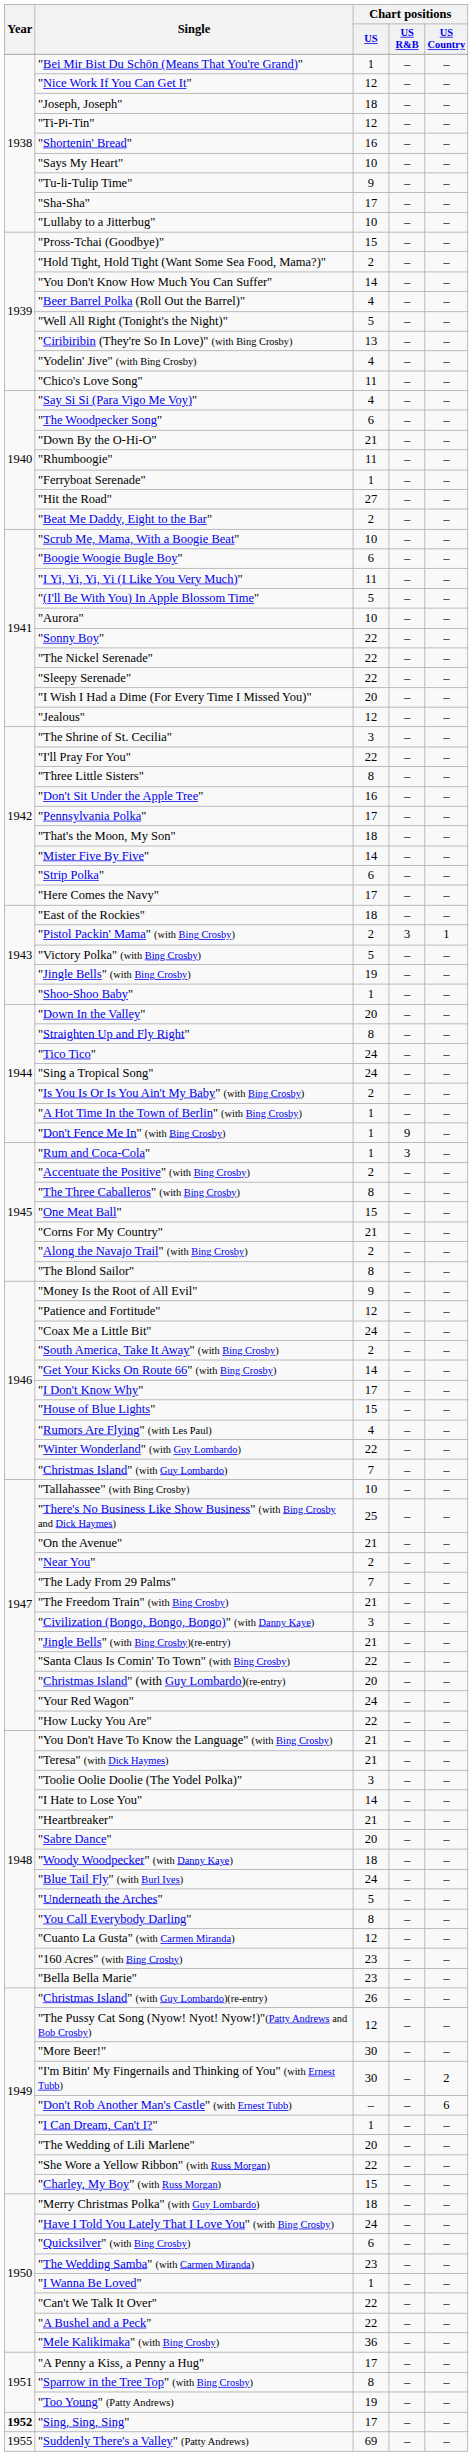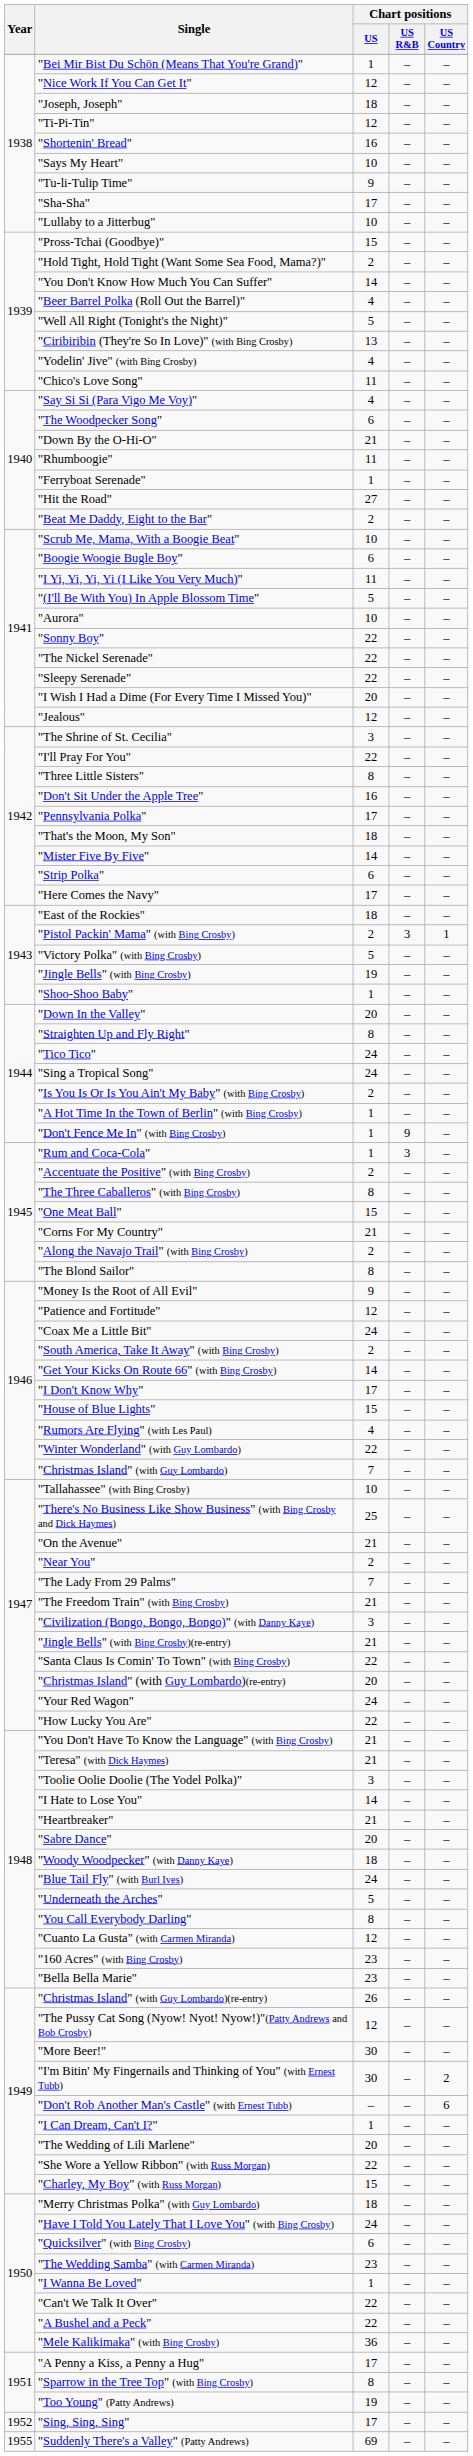 <table class="wikitable" style="text-align:center;">
 <tr>
 <th rowspan="2">Year</th>
 <th style="width:400px;" rowspan="2">Single</th>
 <th colspan="3">Chart positions</th>
 </tr>
 <tr style="font-size:smaller;">
 <th style="width:40px;"><a href='#'>US</a></th>
 <th style="width:40px;"><a href='#'>US<br>R&B</a></th>
 <th style="width:40px;"><a href='#'>US Country</a></th>
 </tr>
 <tr>
 </tr>
 <tr>
 <td rowspan="9">1938</td>
 <td style="text-align:left;">"<a href='#'>Bei Mir Bist Du Schön (Means That You're Grand)</a>"</td>
 <td>1</td>
 <td>–</td>
 <td>–</td>
 </tr>
 <tr>
 <td style="text-align:left;">"<a href='#'>Nice Work If You Can Get It</a>"</td>
 <td>12</td>
 <td>–</td>
 <td>–</td>
 </tr>
 <tr>
 <td style="text-align:left;">"Joseph, Joseph"</td>
 <td>18</td>
 <td>–</td>
 <td>–</td>
 </tr>
 <tr>
 <td style="text-align:left;">"Ti-Pi-Tin"</td>
 <td>12</td>
 <td>–</td>
 <td>–</td>
 </tr>
 <tr>
 <td style="text-align:left;">"<a href='#'>Shortenin' Bread</a>"</td>
 <td>16</td>
 <td>–</td>
 <td>–</td>
 </tr>
 <tr>
 <td style="text-align:left;">"Says My Heart"</td>
 <td>10</td>
 <td>–</td>
 <td>–</td>
 </tr>
 <tr>
 <td style="text-align:left;">"Tu-li-Tulip Time"</td>
 <td>9</td>
 <td>–</td>
 <td>–</td>
 </tr>
 <tr>
 <td style="text-align:left;">"Sha-Sha"</td>
 <td>17</td>
 <td>–</td>
 <td>–</td>
 </tr>
 <tr>
 <td style="text-align:left;">"Lullaby to a Jitterbug"</td>
 <td>10</td>
 <td>–</td>
 <td>–</td>
 </tr>
 <tr>
 <td rowspan="8">1939</td>
 <td style="text-align:left;">"Pross-Tchai (Goodbye)"</td>
 <td>15</td>
 <td>–</td>
 <td>–</td>
 </tr>
 <tr>
 <td style="text-align:left;">"Hold Tight, Hold Tight (Want Some Sea Food, Mama?)"</td>
 <td>2</td>
 <td>–</td>
 <td>–</td>
 </tr>
 <tr>
 <td style="text-align:left;">"You Don't Know How Much You Can Suffer"</td>
 <td>14</td>
 <td>–</td>
 <td>–</td>
 </tr>
 <tr>
 <td style="text-align:left;">"<a href='#'>Beer Barrel Polka</a> (Roll Out the Barrel)"</td>
 <td>4</td>
 <td>–</td>
 <td>–</td>
 </tr>
 <tr>
 <td style="text-align:left;">"Well All Right (Tonight's the Night)"</td>
 <td>5</td>
 <td>–</td>
 <td>–</td>
 </tr>
 <tr>
 <td style="text-align:left;">"<a href='#'>Ciribiribin</a> (They're So In Love)" <small>(with Bing Crosby)</small></td>
 <td>13</td>
 <td>–</td>
 <td>–</td>
 </tr>
 <tr>
 <td style="text-align:left;">"Yodelin' Jive" <small>(with Bing Crosby)</small></td>
 <td>4</td>
 <td>–</td>
 <td>–</td>
 </tr>
 <tr>
 <td style="text-align:left;">"Chico's Love Song"</td>
 <td>11</td>
 <td>–</td>
 <td>–</td>
 </tr>
 <tr>
 <td rowspan="7">1940</td>
 <td style="text-align:left;">"<a href='#'>Say Si Si (Para Vigo Me Voy)</a>"</td>
 <td>4</td>
 <td>–</td>
 <td>–</td>
 </tr>
 <tr>
 <td style="text-align:left;">"<a href='#'>The Woodpecker Song</a>"</td>
 <td>6</td>
 <td>–</td>
 <td>–</td>
 </tr>
 <tr>
 <td style="text-align:left;">"Down By the O-Hi-O"</td>
 <td>21</td>
 <td>–</td>
 <td>–</td>
 </tr>
 <tr>
 <td style="text-align:left;">"Rhumboogie"</td>
 <td>11</td>
 <td>–</td>
 <td>–</td>
 </tr>
 <tr>
 <td style="text-align:left;">"Ferryboat Serenade"</td>
 <td>1</td>
 <td>–</td>
 <td>–</td>
 </tr>
 <tr>
 <td style="text-align:left;">"Hit the Road"</td>
 <td>27</td>
 <td>–</td>
 <td>–</td>
 </tr>
 <tr>
 <td style="text-align:left;">"<a href='#'>Beat Me Daddy, Eight to the Bar</a>"</td>
 <td>2</td>
 <td>–</td>
 <td>–</td>
 </tr>
 <tr>
 <td rowspan="10">1941</td>
 <td style="text-align:left;">"<a href='#'>Scrub Me, Mama, With a Boogie Beat</a>"</td>
 <td>10</td>
 <td>–</td>
 <td>–</td>
 </tr>
 <tr>
 <td style="text-align:left;">"<a href='#'>Boogie Woogie Bugle Boy</a>"</td>
 <td>6</td>
 <td>–</td>
 <td>–</td>
 </tr>
 <tr>
 <td style="text-align:left;">"<a href='#'>I Yi, Yi, Yi, Yi (I Like You Very Much)</a>"</td>
 <td>11</td>
 <td>–</td>
 <td>–</td>
 </tr>
 <tr>
 <td style="text-align:left;">"<a href='#'>(I'll Be With You) In Apple Blossom Time</a>"</td>
 <td>5</td>
 <td>–</td>
 <td>–</td>
 </tr>
 <tr>
 <td style="text-align:left;">"Aurora"</td>
 <td>10</td>
 <td>–</td>
 <td>–</td>
 </tr>
 <tr>
 <td style="text-align:left;">"<a href='#'>Sonny Boy</a>"</td>
 <td>22</td>
 <td>–</td>
 <td>–</td>
 </tr>
 <tr>
 <td style="text-align:left;">"The Nickel Serenade"</td>
 <td>22</td>
 <td>–</td>
 <td>–</td>
 </tr>
 <tr>
 <td style="text-align:left;">"Sleepy Serenade"</td>
 <td>22</td>
 <td>–</td>
 <td>–</td>
 </tr>
 <tr>
 <td style="text-align:left;">"I Wish I Had a Dime (For Every Time I Missed You)"</td>
 <td>20</td>
 <td>–</td>
 <td>–</td>
 </tr>
 <tr>
 <td style="text-align:left;">"Jealous"</td>
 <td>12</td>
 <td>–</td>
 <td>–</td>
 </tr>
 <tr>
 <td rowspan="9">1942</td>
 <td style="text-align:left;">"The Shrine of St. Cecilia"</td>
 <td>3</td>
 <td>–</td>
 <td>–</td>
 </tr>
 <tr>
 <td style="text-align:left;">"I'll Pray For You"</td>
 <td>22</td>
 <td>–</td>
 <td>–</td>
 </tr>
 <tr>
 <td style="text-align:left;">"Three Little Sisters"</td>
 <td>8</td>
 <td>–</td>
 <td>–</td>
 </tr>
 <tr>
 <td style="text-align:left;">"<a href='#'>Don't Sit Under the Apple Tree</a>"</td>
 <td>16</td>
 <td>–</td>
 <td>–</td>
 </tr>
 <tr>
 <td style="text-align:left;">"<a href='#'>Pennsylvania Polka</a>"</td>
 <td>17</td>
 <td>–</td>
 <td>–</td>
 </tr>
 <tr>
 <td style="text-align:left;">"That's the Moon, My Son"</td>
 <td>18</td>
 <td>–</td>
 <td>–</td>
 </tr>
 <tr>
 <td style="text-align:left;">"<a href='#'>Mister Five By Five</a>"</td>
 <td>14</td>
 <td>–</td>
 <td>–</td>
 </tr>
 <tr>
 <td style="text-align:left;">"<a href='#'>Strip Polka</a>"</td>
 <td>6</td>
 <td>–</td>
 <td>–</td>
 </tr>
 <tr>
 <td style="text-align:left;">"Here Comes the Navy"</td>
 <td>17</td>
 <td>–</td>
 <td>–</td>
 </tr>
 <tr>
 <td rowspan="5">1943</td>
 <td style="text-align:left;">"East of the Rockies"</td>
 <td>18</td>
 <td>–</td>
 <td>–</td>
 </tr>
 <tr>
 <td style="text-align:left;">"<a href='#'>Pistol Packin' Mama</a>" <small>(with <a href='#'>Bing Crosby</a>)</small></td>
 <td>2</td>
 <td>3</td>
 <td>1</td>
 </tr>
 <tr>
 <td style="text-align:left;">"Victory Polka" <small>(with <a href='#'>Bing Crosby</a>)</small></td>
 <td>5</td>
 <td>–</td>
 <td>–</td>
 </tr>
 <tr>
 <td style="text-align:left;">"<a href='#'>Jingle Bells</a>" <small>(with <a href='#'>Bing Crosby</a>)</small></td>
 <td>19</td>
 <td>–</td>
 <td>–</td>
 </tr>
 <tr>
 <td style="text-align:left;">"<a href='#'>Shoo-Shoo Baby</a>"</td>
 <td>1</td>
 <td>–</td>
 <td>–</td>
 </tr>
 <tr>
 <td rowspan="7">1944</td>
 <td style="text-align:left;">"<a href='#'>Down In the Valley</a>"</td>
 <td>20</td>
 <td>–</td>
 <td>–</td>
 </tr>
 <tr>
 <td style="text-align:left;">"<a href='#'>Straighten Up and Fly Right</a>"</td>
 <td>8</td>
 <td>–</td>
 <td>–</td>
 </tr>
 <tr>
 <td style="text-align:left;">"<a href='#'>Tico Tico</a>"</td>
 <td>24</td>
 <td>–</td>
 <td>–</td>
 </tr>
 <tr>
 <td style="text-align:left;">"Sing a Tropical Song"</td>
 <td>24</td>
 <td>–</td>
 <td>–</td>
 </tr>
 <tr>
 <td style="text-align:left;">"<a href='#'>Is You Is Or Is You Ain't My Baby</a>" <small>(with <a href='#'>Bing Crosby</a>)</small></td>
 <td>2</td>
 <td>–</td>
 <td>–</td>
 </tr>
 <tr>
 <td style="text-align:left;">"<a href='#'>A Hot Time In the Town of Berlin</a>" <small>(with <a href='#'>Bing Crosby</a>)</small></td>
 <td>1</td>
 <td>–</td>
 <td>–</td>
 </tr>
 <tr>
 <td style="text-align:left;">"<a href='#'>Don't Fence Me In</a>" <small>(with <a href='#'>Bing Crosby</a>)</small></td>
 <td>1</td>
 <td>9</td>
 <td>–</td>
 </tr>
 <tr>
 <td rowspan="7">1945</td>
 <td style="text-align:left;">"<a href='#'>Rum and Coca-Cola</a>"</td>
 <td>1</td>
 <td>3</td>
 <td>–</td>
 </tr>
 <tr>
 <td style="text-align:left;">"<a href='#'>Accentuate the Positive</a>" <small>(with <a href='#'>Bing Crosby</a>)</small></td>
 <td>2</td>
 <td>–</td>
 <td>–</td>
 </tr>
 <tr>
 <td style="text-align:left;">"<a href='#'>The Three Caballeros</a>" <small>(with <a href='#'>Bing Crosby</a>)</small></td>
 <td>8</td>
 <td>–</td>
 <td>–</td>
 </tr>
 <tr>
 <td style="text-align:left;">"<a href='#'>One Meat Ball</a>"</td>
 <td>15</td>
 <td>–</td>
 <td>–</td>
 </tr>
 <tr>
 <td style="text-align:left;">"Corns For My Country"</td>
 <td>21</td>
 <td>–</td>
 <td>–</td>
 </tr>
 <tr>
 <td style="text-align:left;">"<a href='#'>Along the Navajo Trail</a>" <small>(with <a href='#'>Bing Crosby</a>)</small></td>
 <td>2</td>
 <td>–</td>
 <td>–</td>
 </tr>
 <tr>
 <td style="text-align:left;">"The Blond Sailor"</td>
 <td>8</td>
 <td>–</td>
 <td>–</td>
 </tr>
 <tr>
 <td rowspan="10">1946</td>
 <td style="text-align:left;">"Money Is the Root of All Evil"</td>
 <td>9</td>
 <td>–</td>
 <td>–</td>
 </tr>
 <tr>
 <td style="text-align:left;">"Patience and Fortitude"</td>
 <td>12</td>
 <td>–</td>
 <td>–</td>
 </tr>
 <tr>
 <td style="text-align:left;">"Coax Me a Little Bit"</td>
 <td>24</td>
 <td>–</td>
 <td>–</td>
 </tr>
 <tr>
 <td style="text-align:left;">"<a href='#'>South America, Take It Away</a>" <small>(with <a href='#'>Bing Crosby</a>)</small></td>
 <td>2</td>
 <td>–</td>
 <td>–</td>
 </tr>
 <tr>
 <td style="text-align:left;">"<a href='#'>Get Your Kicks On Route 66</a>" <small>(with <a href='#'>Bing Crosby</a>)</small></td>
 <td>14</td>
 <td>–</td>
 <td>–</td>
 </tr>
 <tr>
 <td style="text-align:left;">"<a href='#'>I Don't Know Why</a>"</td>
 <td>17</td>
 <td>–</td>
 <td>–</td>
 </tr>
 <tr>
 <td style="text-align:left;">"<a href='#'>House of Blue Lights</a>"</td>
 <td>15</td>
 <td>–</td>
 <td>–</td>
 </tr>
 <tr>
 <td style="text-align:left;">"<a href='#'>Rumors Are Flying</a>" <small>(with Les Paul)</small></td>
 <td>4</td>
 <td>–</td>
 <td>–</td>
 </tr>
 <tr>
 <td style="text-align:left;">"<a href='#'>Winter Wonderland</a>" <small>(with <a href='#'>Guy Lombardo</a>)</small></td>
 <td>22</td>
 <td>–</td>
 <td>–</td>
 </tr>
 <tr>
 <td style="text-align:left;">"<a href='#'>Christmas Island</a>" <small>(with <a href='#'>Guy Lombardo</a>)</small></td>
 <td>7</td>
 <td>–</td>
 <td>–</td>
 </tr>
 <tr>
 <td rowspan="12">1947</td>
 <td style="text-align:left;">"Tallahassee" <small>(with Bing Crosby)</small></td>
 <td>10</td>
 <td>–</td>
 <td>–</td>
 </tr>
 <tr>
 <td style="text-align:left;">"<a href='#'>There's No Business Like Show Business</a>" <small>(with <a href='#'>Bing Crosby</a> and <a href='#'>Dick Haymes</a>)</small></td>
 <td>25</td>
 <td>–</td>
 <td>–</td>
 </tr>
 <tr>
 <td style="text-align:left;">"On the Avenue"</td>
 <td>21</td>
 <td>–</td>
 <td>–</td>
 </tr>
 <tr>
 <td style="text-align:left;">"<a href='#'>Near You</a>"</td>
 <td>2</td>
 <td>–</td>
 <td>–</td>
 </tr>
 <tr>
 <td style="text-align:left;">"The Lady From 29 Palms"</td>
 <td>7</td>
 <td>–</td>
 <td>–</td>
 </tr>
 <tr>
 <td style="text-align:left;">"The Freedom Train" <small>(with <a href='#'>Bing Crosby</a>)</small></td>
 <td>21</td>
 <td>–</td>
 <td>–</td>
 </tr>
 <tr>
 <td style="text-align:left;">"<a href='#'>Civilization (Bongo, Bongo, Bongo)</a>" <small>(with <a href='#'>Danny Kaye</a>)</small></td>
 <td>3</td>
 <td>–</td>
 <td>–</td>
 </tr>
 <tr>
 <td style="text-align:left;">"<a href='#'>Jingle Bells</a>" <small>(with <a href='#'>Bing Crosby</a>)</small><small>(re-entry)</small></td>
 <td>21</td>
 <td>–</td>
 <td>–</td>
 </tr>
 <tr>
 <td style="text-align:left;">"Santa Claus Is Comin' To Town" <small>(with <a href='#'>Bing Crosby</a>)</small></td>
 <td>22</td>
 <td>–</td>
 <td>–</td>
 </tr>
 <tr>
 <td style="text-align:left;">"<a href='#'>Christmas Island</a>" (with <a href='#'>Guy Lombardo</a>)<small>(re-entry)</small></td>
 <td>20</td>
 <td>–</td>
 <td>–</td>
 </tr>
 <tr>
 <td style="text-align:left;">"Your Red Wagon"</td>
 <td>24</td>
 <td>–</td>
 <td>–</td>
 </tr>
 <tr>
 <td style="text-align:left;">"How Lucky You Are"</td>
 <td>22</td>
 <td>–</td>
 <td>–</td>
 </tr>
 <tr>
 <td rowspan="13">1948</td>
 <td style="text-align:left;">"You Don't Have To Know the Language" <small>(with <a href='#'>Bing Crosby</a>)</small></td>
 <td>21</td>
 <td>–</td>
 <td>–</td>
 </tr>
 <tr>
 <td style="text-align:left;">"Teresa" <small>(with <a href='#'>Dick Haymes</a>)</small></td>
 <td>21</td>
 <td>–</td>
 <td>–</td>
 </tr>
 <tr>
 <td style="text-align:left;">"Toolie Oolie Doolie (The Yodel Polka)"</td>
 <td>3</td>
 <td>–</td>
 <td>–</td>
 </tr>
 <tr>
 <td style="text-align:left;">"I Hate to Lose You"</td>
 <td>14</td>
 <td>–</td>
 <td>–</td>
 </tr>
 <tr>
 <td style="text-align:left;">"Heartbreaker"</td>
 <td>21</td>
 <td>–</td>
 <td>–</td>
 </tr>
 <tr>
 <td style="text-align:left;">"<a href='#'>Sabre Dance</a>"</td>
 <td>20</td>
 <td>–</td>
 <td>–</td>
 </tr>
 <tr>
 <td style="text-align:left;">"<a href='#'>Woody Woodpecker</a>" <small>(with <a href='#'>Danny Kaye</a>)</small></td>
 <td>18</td>
 <td>–</td>
 <td>–</td>
 </tr>
 <tr>
 <td style="text-align:left;">"<a href='#'>Blue Tail Fly</a>" <small>(with <a href='#'>Burl Ives</a>)</small></td>
 <td>24</td>
 <td>–</td>
 <td>–</td>
 </tr>
 <tr>
 <td style="text-align:left;">"<a href='#'>Underneath the Arches</a>"</td>
 <td>5</td>
 <td>–</td>
 <td>–</td>
 </tr>
 <tr>
 <td style="text-align:left;">"<a href='#'>You Call Everybody Darling</a>"</td>
 <td>8</td>
 <td>–</td>
 <td>–</td>
 </tr>
 <tr>
 <td style="text-align:left;">"Cuanto La Gusta" <small>(with <a href='#'>Carmen Miranda</a>)</small></td>
 <td>12</td>
 <td>–</td>
 <td>–</td>
 </tr>
 <tr>
 <td style="text-align:left;">"160 Acres" <small>(with <a href='#'>Bing Crosby</a>)</small></td>
 <td>23</td>
 <td>–</td>
 <td>–</td>
 </tr>
 <tr>
 <td style="text-align:left;">"Bella Bella Marie"</td>
 <td>23</td>
 <td>–</td>
 <td>–</td>
 </tr>
 <tr>
 <td rowspan="9">1949</td>
 <td style="text-align:left;">"<a href='#'>Christmas Island</a>" <small>(with <a href='#'>Guy Lombardo</a>)</small><small>(re-entry)</small></td>
 <td>26</td>
 <td>–</td>
 <td>–</td>
 </tr>
 <tr>
 <td style="text-align:left;">"The Pussy Cat Song (Nyow! Nyot! Nyow!)"<small>(<a href='#'>Patty Andrews</a> and <a href='#'>Bob Crosby</a>)</small></td>
 <td>12</td>
 <td>–</td>
 <td>–</td>
 </tr>
 <tr>
 <td style="text-align:left;">"More Beer!"</td>
 <td>30</td>
 <td>–</td>
 <td>–</td>
 </tr>
 <tr>
 <td style="text-align:left;">"I'm Bitin' My Fingernails and Thinking of You" <small>(with <a href='#'>Ernest Tubb</a>)</small></td>
 <td>30</td>
 <td>–</td>
 <td>2</td>
 </tr>
 <tr>
 <td style="text-align:left;">"<a href='#'>Don't Rob Another Man's Castle</a>" <small>(with <a href='#'>Ernest Tubb</a>)</small></td>
 <td>–</td>
 <td>–</td>
 <td>6</td>
 </tr>
 <tr>
 <td style="text-align:left;">"<a href='#'>I Can Dream, Can't I?</a>"</td>
 <td>1</td>
 <td>–</td>
 <td>–</td>
 </tr>
 <tr>
 <td style="text-align:left;">"The Wedding of Lili Marlene"</td>
 <td>20</td>
 <td>–</td>
 <td>–</td>
 </tr>
 <tr>
 <td style="text-align:left;">"She Wore a Yellow Ribbon" <small>(with <a href='#'>Russ Morgan</a>)</small></td>
 <td>22</td>
 <td>–</td>
 <td>–</td>
 </tr>
 <tr>
 <td style="text-align:left;">"<a href='#'>Charley, My Boy</a>" <small>(with <a href='#'>Russ Morgan</a>)</small></td>
 <td>15</td>
 <td>–</td>
 <td>–</td>
 </tr>
 <tr>
 <td rowspan="8">1950</td>
 <td style="text-align:left;">"Merry Christmas Polka" <small>(with <a href='#'>Guy Lombardo</a>)</small></td>
 <td>18</td>
 <td>–</td>
 <td>–</td>
 </tr>
 <tr>
 <td style="text-align:left;">"<a href='#'>Have I Told You Lately That I Love You</a>" <small>(with <a href='#'>Bing Crosby</a>)</small></td>
 <td>24</td>
 <td>–</td>
 <td>–</td>
 </tr>
 <tr>
 <td style="text-align:left;">"<a href='#'>Quicksilver</a>" <small>(with <a href='#'>Bing Crosby</a>)</small></td>
 <td>6</td>
 <td>–</td>
 <td>–</td>
 </tr>
 <tr>
 <td style="text-align:left;">"<a href='#'>The Wedding Samba</a>" <small>(with <a href='#'>Carmen Miranda</a>)</small></td>
 <td>23</td>
 <td>–</td>
 <td>–</td>
 </tr>
 <tr>
 <td style="text-align:left;">"<a href='#'>I Wanna Be Loved</a>"</td>
 <td>1</td>
 <td>–</td>
 <td>–</td>
 </tr>
 <tr>
 <td style="text-align:left;">"Can't We Talk It Over"</td>
 <td>22</td>
 <td>–</td>
 <td>–</td>
 </tr>
 <tr>
 <td style="text-align:left;">"<a href='#'>A Bushel and a Peck</a>"</td>
 <td>22</td>
 <td>–</td>
 <td>–</td>
 </tr>
 <tr>
 <td style="text-align:left;">"<a href='#'>Mele Kalikimaka</a>" <small>(with <a href='#'>Bing Crosby</a>)</small></td>
 <td>36</td>
 <td>–</td>
 <td>–</td>
 </tr>
 <tr>
 <td rowspan="3">1951</td>
 <td style="text-align:left;">"A Penny a Kiss, a Penny a Hug"</td>
 <td>17</td>
 <td>–</td>
 <td>–</td>
 </tr>
 <tr>
 <td style="text-align:left;">"<a href='#'>Sparrow in the Tree Top</a>" <small>(with <a href='#'>Bing Crosby</a>)</small></td>
 <td>8</td>
 <td>–</td>
 <td>–</td>
 </tr>
 <tr>
 <td style="text-align:left;">"<a href='#'>Too Young</a>" <small>(Patty Andrews)</small></td>
 <td>19</td>
 <td>–</td>
 <td>–</td>
 </tr>
 <tr>
-<td><strong>1952</strong></td>
+<td>1952</td>
 <td style="text-align:left;">"<a href='#'>Sing, Sing, Sing</a>"</td>
 <td>17</td>
 <td>–</td>
 <td>–</td>
 </tr>
 <tr>
 <td>1955</td>
 <td style="text-align:left;">"<a href='#'>Suddenly There's a Valley</a>" <small>(Patty Andrews)</small></td>
 <td>69</td>
 <td>–</td>
 <td>–</td>
 </tr>
 </table>
